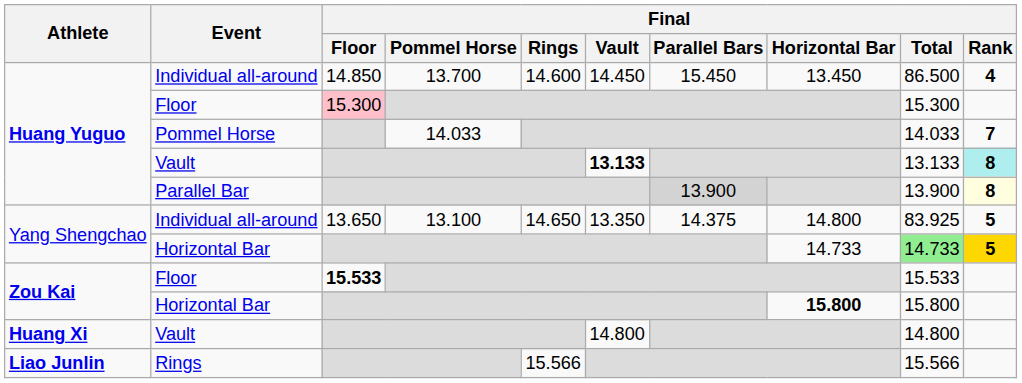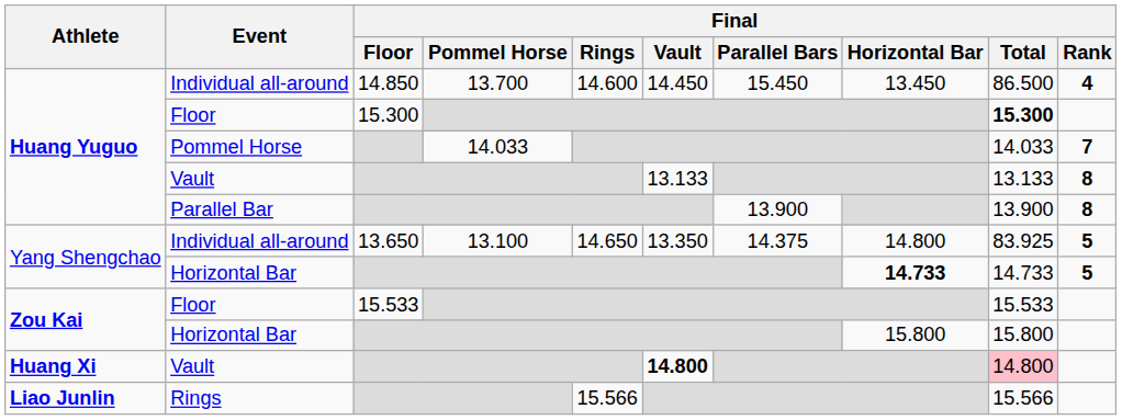 <table class="wikitable"style="text-align:left; font-size:90%">
 <tr>
 <th rowspan=2>Athlete</th>
 <th rowspan=2>Event</th>
 <th colspan=8>Final</th>
 </tr>
 <tr>
 <th>Floor</th>
 <th>Pommel Horse</th>
 <th>Rings</th>
 <th>Vault</th>
 <th>Parallel Bars</th>
 <th>Horizontal Bar</th>
 <th>Total</th>
 <th>Rank</th>
 </tr>
 <tr>
 <td rowspan=5><strong><a href='#'>Huang Yuguo</a></strong></td>
 <td><a href='#'>Individual all-around</a></td>
 <td align=center>14.850</td>
 <td align=center>13.700</td>
 <td align=center>14.600</td>
 <td align=center>14.450</td>
 <td align=center>15.450</td>
 <td align=center>13.450</td>
 <td align=center>86.500</td>
 <td align=center><strong>4</strong></td>
 </tr>
 <tr>
 <td><a href='#'>Floor</a></td>
-<td align=center style="background: pink;">15.300</td>
+<td align=center>15.300</td>
 <td style="background:#dcdcdc;" colspan="5"></td>
-<td align=center>15.300</td>
+<td align=center><strong>15.300</strong></td>
 <td align=center></td>
 </tr>
 <tr>
 <td><a href='#'>Pommel Horse</a></td>
 <td style="background:#dcdcdc;"></td>
 <td align=center>14.033</td>
 <td style="background:#dcdcdc;" colspan="4"></td>
 <td align=center>14.033</td>
 <td align=center><strong>7</strong></td>
 </tr>
 <tr>
 <td><a href='#'>Vault</a></td>
 <td style="background:#dcdcdc;" colspan="3"></td>
-<td align=center><strong>13.133</strong></td>
+<td align=center>13.133</td>
 <td style="background:#dcdcdc;" colspan="2"></td>
 <td align=center>13.133</td>
-<td align=center style="background: paleturquoise;"><strong>8</strong></td>
+<td align=center><strong>8</strong></td>
 </tr>
 <tr>
 <td><a href='#'>Parallel Bar</a></td>
 <td style="background:#dcdcdc;" colspan="4"></td>
-<td align=center style="background: lightgrey;">13.900</td>
+<td align=center>13.900</td>
 <td style="background:#dcdcdc;"></td>
 <td align=center>13.900</td>
-<td align=center style="background: lightyellow;"><strong>8</strong></td>
+<td align=center><strong>8</strong></td>
 </tr>
 <tr>
 <td rowspan=2><a href='#'>Yang Shengchao</a></td>
 <td><a href='#'>Individual all-around</a></td>
 <td align=center>13.650</td>
 <td align=center>13.100</td>
 <td align=center>14.650</td>
 <td align=center>13.350</td>
 <td align=center>14.375</td>
 <td align=center>14.800</td>
 <td align=center>83.925</td>
 <td align=center><strong>5</strong></td>
 </tr>
 <tr>
 <td><a href='#'>Horizontal Bar</a></td>
 <td style="background:#dcdcdc;" colspan="5"></td>
+<td align=center><strong>14.733</strong></td>
 <td align=center>14.733</td>
-<td align=center style="background: lightgreen;">14.733</td>
-<td align=center style="background: gold;"><strong>5</strong></td>
+<td align=center><strong>5</strong></td>
 </tr>
 <tr>
 <td rowspan=2><strong><a href='#'>Zou Kai</a></strong></td>
 <td><a href='#'>Floor</a></td>
-<td align=center><strong>15.533</strong></td>
+<td align=center>15.533</td>
 <td style="background:#dcdcdc;" colspan="5"></td>
 <td align=center>15.533</td>
 <td align=center></td>
 </tr>
 <tr>
 <td><a href='#'>Horizontal Bar</a></td>
 <td style="background:#dcdcdc;" colspan="5"></td>
-<td align=center><strong>15.800</strong></td>
+<td align=center>15.800</td>
 <td align=center>15.800</td>
 <td align=center></td>
 </tr>
 <tr>
 <td><strong><a href='#'>Huang Xi</a></strong></td>
 <td><a href='#'>Vault</a></td>
 <td style="background:#dcdcdc;" colspan="3"></td>
-<td style="text-align:center;">14.800</td>
+<td style="text-align:center;"><strong>14.800</strong></td>
 <td style="background:#dcdcdc;" colspan="2"></td>
-<td style="text-align:center;">14.800</td>
+<td style="background: pink; text-align:center;">14.800</td>
 <td style="text-align:center;"></td>
 </tr>
 <tr>
 <td><strong><a href='#'>Liao Junlin</a></strong></td>
 <td><a href='#'>Rings</a></td>
 <td style="background:#dcdcdc;" colspan="2"></td>
 <td style="text-align:center;">15.566</td>
 <td style="background:#dcdcdc;" colspan="3"></td>
 <td style="text-align:center;">15.566</td>
 <td style="text-align:center;"></td>
 </tr>
 </table>
